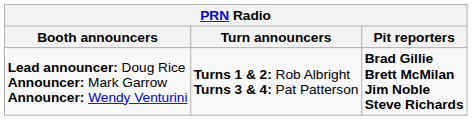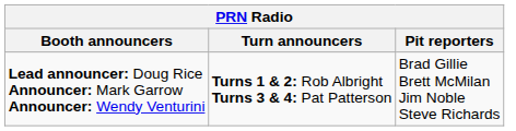 <table class="wikitable" style="font-size: 95%">
 <tr>
 <th colspan="3"><a href='#'>PRN</a> Radio</th>
 </tr>
 <tr>
 <th>Booth announcers</th>
 <th>Turn announcers</th>
 <th>Pit reporters</th>
 </tr>
 <tr>
 <td><strong>Lead announcer:</strong> Doug Rice<br><strong>Announcer:</strong> Mark Garrow<br><strong>Announcer:</strong> <a href='#'>Wendy Venturini</a></td>
 <td><strong>Turns 1 & 2:</strong> Rob Albright<br><strong>Turns 3 & 4:</strong> Pat Patterson</td>
-<td><strong>Brad Gillie<br>Brett McMilan<br>Jim Noble<br>Steve Richards</strong></td>
+<td>Brad Gillie<br>Brett McMilan<br>Jim Noble<br>Steve Richards</td>
 </tr>
 </table>
